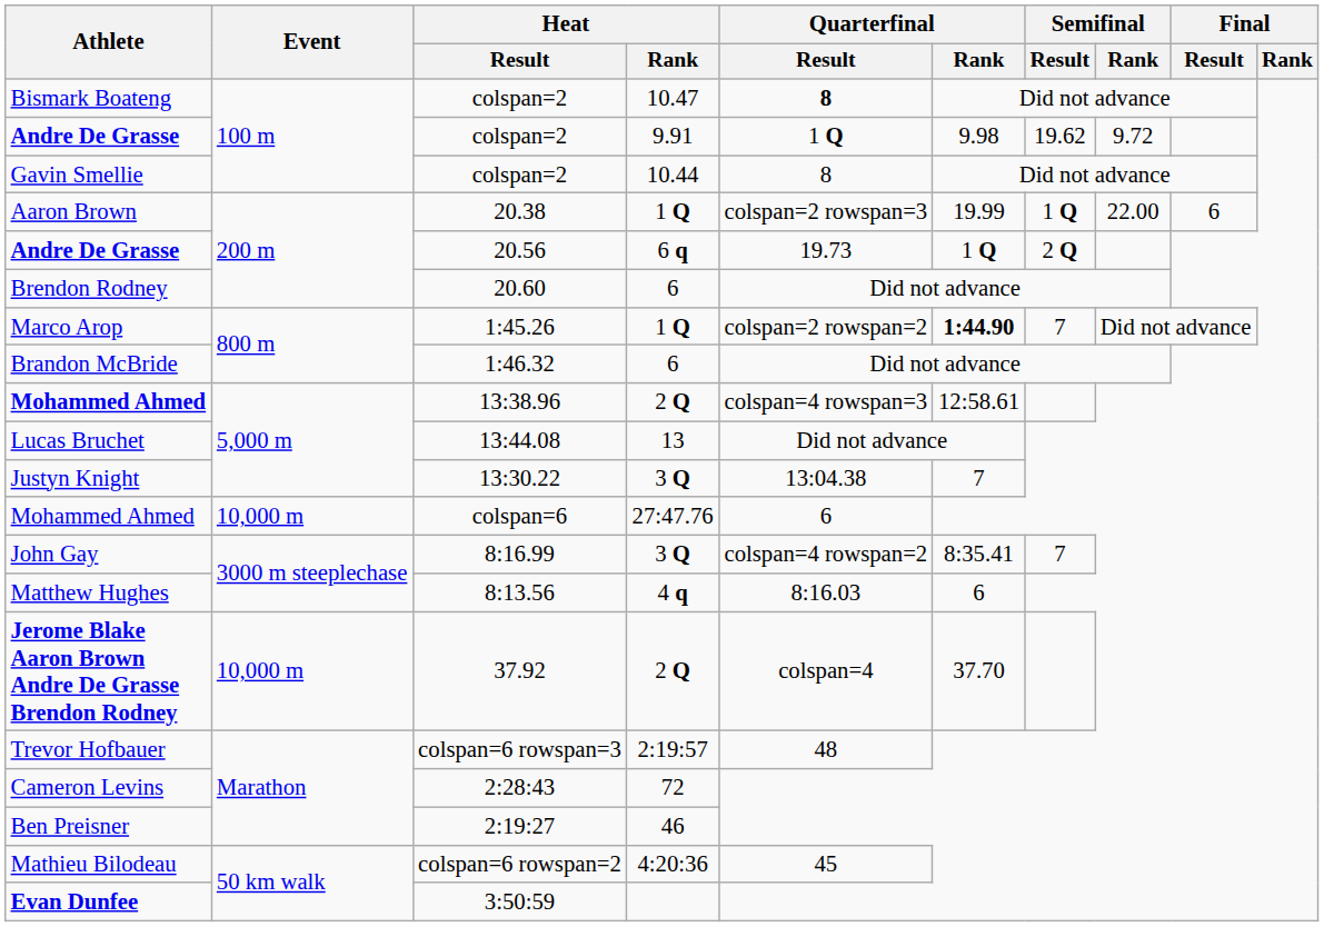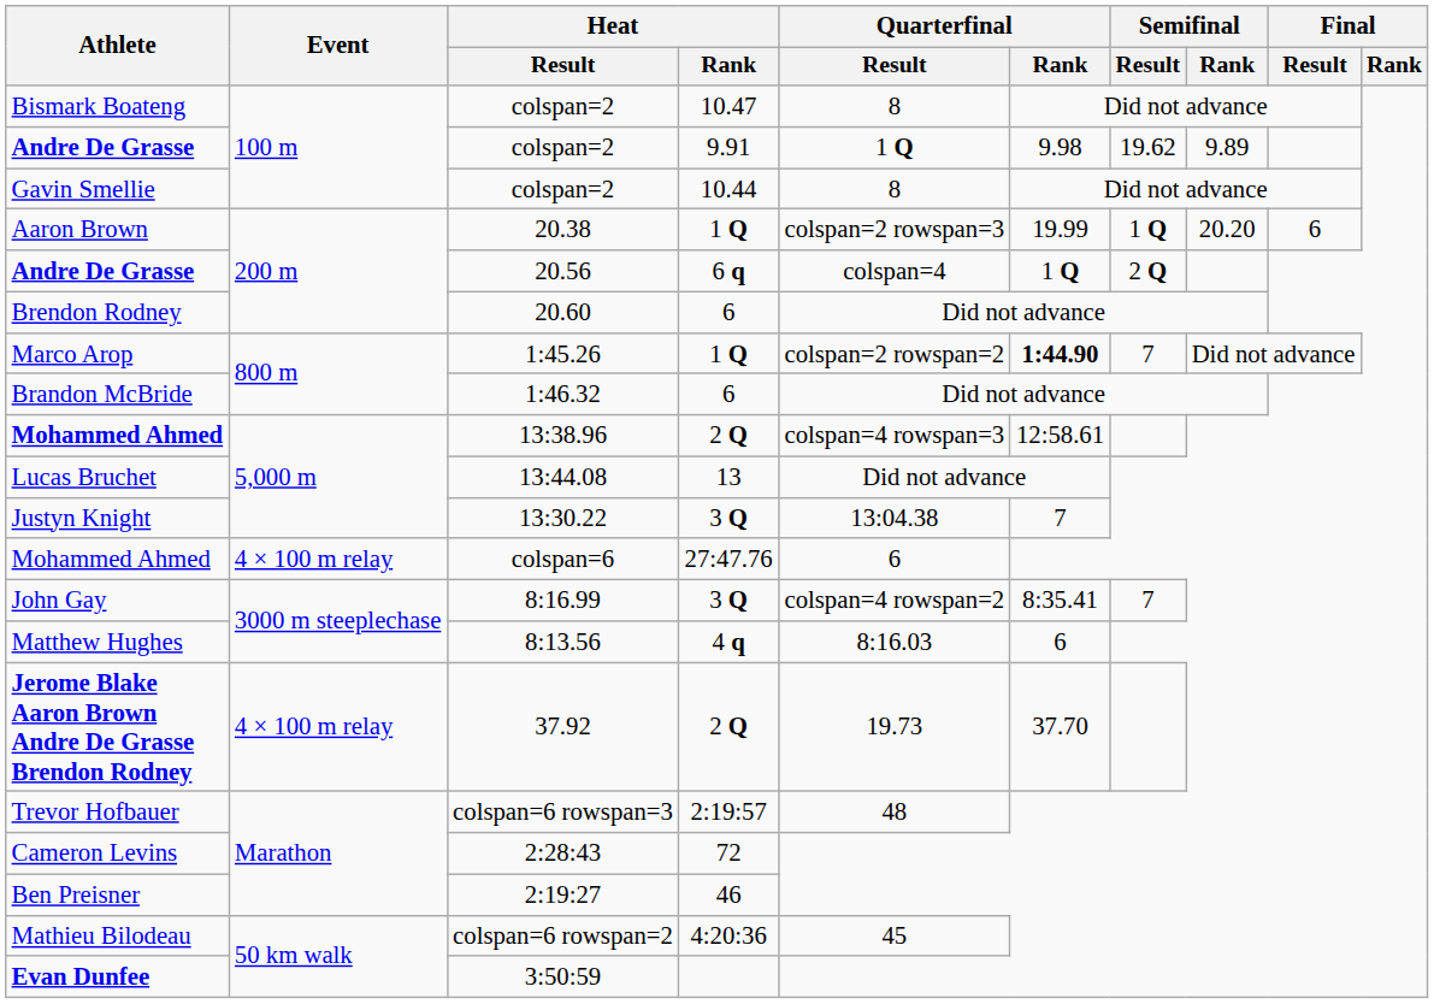 <table class=wikitable style=font-size:90%;text-align:center>
 <tr>
 <th rowspan=2>Athlete</th>
 <th rowspan=2>Event</th>
 <th colspan=2>Heat</th>
 <th colspan=2>Quarterfinal</th>
 <th colspan=2>Semifinal</th>
 <th colspan=2>Final</th>
 </tr>
 <tr style=font-size:95%>
 <th>Result</th>
 <th>Rank</th>
 <th>Result</th>
 <th>Rank</th>
 <th>Result</th>
 <th>Rank</th>
 <th>Result</th>
 <th>Rank</th>
 </tr>
 <tr>
 <td align=left><a href='#'>Bismark Boateng</a></td>
 <td align=left rowspan=3><a href='#'>100 m</a></td>
 <td>colspan=2 </td>
 <td>10.47</td>
-<td><strong>8</strong></td>
+<td>8</td>
 <td colspan="4">Did not advance</td>
 </tr>
 <tr>
 <td align=left><strong><a href='#'>Andre De Grasse</a></strong></td>
 <td>colspan=2 </td>
 <td>9.91</td>
 <td>1 <strong>Q</strong></td>
 <td>9.98</td>
 <td>19.62 <strong></strong></td>
-<td>9.72 <strong></strong></td>
+<td>9.89 <strong></strong></td>
 <td></td>
 </tr>
 <tr>
 <td align=left><a href='#'>Gavin Smellie</a></td>
 <td>colspan=2 </td>
 <td>10.44</td>
 <td>8</td>
 <td colspan="4">Did not advance</td>
 </tr>
 <tr>
 <td align=left><a href='#'>Aaron Brown</a></td>
 <td align=left rowspan=3><a href='#'>200 m</a></td>
 <td>20.38</td>
 <td>1 <strong>Q</strong></td>
 <td>colspan=2 rowspan=3 </td>
 <td>19.99</td>
 <td>1 <strong>Q</strong></td>
-<td>22.00</td>
+<td>20.20</td>
 <td>6</td>
 </tr>
 <tr>
 <td align=left><strong><a href='#'>Andre De Grasse</a></strong></td>
 <td>20.56</td>
 <td>6 <strong>q</strong></td>
-<td>19.73</td>
+<td>colspan=4 </td>
 <td>1 <strong>Q</strong></td>
 <td>2 <strong>Q</strong></td>
 <td></td>
 </tr>
 <tr>
 <td align=left><a href='#'>Brendon Rodney</a></td>
 <td>20.60</td>
 <td>6</td>
 <td colspan="4">Did not advance</td>
 </tr>
 <tr>
 <td align=left><a href='#'>Marco Arop</a></td>
 <td align=left rowspan=2><a href='#'>800 m</a></td>
 <td>1:45.26</td>
 <td>1 <strong>Q</strong></td>
 <td>colspan=2 rowspan=2 </td>
 <td><strong>1:44.90</strong></td>
 <td>7</td>
 <td colspan="2">Did not advance</td>
 </tr>
 <tr>
 <td align=left><a href='#'>Brandon McBride</a></td>
 <td>1:46.32</td>
 <td>6</td>
 <td colspan="4">Did not advance</td>
 </tr>
 <tr>
 <td align=left><strong><a href='#'>Mohammed Ahmed</a></strong></td>
 <td align=left rowspan=3><a href='#'>5,000 m</a></td>
 <td>13:38.96</td>
 <td>2 <strong>Q</strong></td>
 <td>colspan=4 rowspan=3 </td>
 <td>12:58.61</td>
 <td></td>
 </tr>
 <tr>
 <td align=left><a href='#'>Lucas Bruchet</a></td>
 <td>13:44.08</td>
 <td>13</td>
 <td colspan=2>Did not advance</td>
 </tr>
 <tr>
 <td align=left><a href='#'>Justyn Knight</a></td>
 <td>13:30.22</td>
 <td>3 <strong>Q</strong></td>
 <td>13:04.38</td>
 <td>7</td>
 </tr>
 <tr>
 <td align=left><a href='#'>Mohammed Ahmed</a></td>
-<td align=left><a href='#'>10,000 m</a></td>
+<td align=left><a href='#'>4 × 100 m relay</a></td>
 <td>colspan=6 </td>
 <td>27:47.76 <strong></strong></td>
 <td>6</td>
 </tr>
 <tr>
 <td align=left><a href='#'>John Gay</a></td>
 <td align=left rowspan=2><a href='#'>3000 m steeplechase</a></td>
 <td>8:16.99</td>
 <td>3 <strong>Q</strong></td>
 <td>colspan=4 rowspan=2 </td>
 <td>8:35.41</td>
 <td>7</td>
 </tr>
 <tr>
 <td align=left><a href='#'>Matthew Hughes</a></td>
 <td>8:13.56</td>
 <td>4 <strong>q</strong></td>
 <td>8:16.03</td>
 <td>6</td>
 </tr>
 <tr>
 <td align=left><strong><a href='#'>Jerome Blake</a><br><a href='#'>Aaron Brown</a><br><a href='#'>Andre De Grasse</a><br><a href='#'>Brendon Rodney</a></strong></td>
-<td align=left><a href='#'>10,000 m</a></td>
+<td align=left><a href='#'>4 × 100 m relay</a></td>
 <td>37.92</td>
 <td>2 <strong>Q</strong></td>
-<td>colspan=4 </td>
+<td>19.73</td>
 <td>37.70</td>
 <td></td>
 </tr>
 <tr>
 <td align=left><a href='#'>Trevor Hofbauer</a></td>
 <td align=left rowspan=3><a href='#'>Marathon</a></td>
 <td>colspan=6 rowspan=3 </td>
 <td>2:19:57 <strong></strong></td>
 <td>48</td>
 </tr>
 <tr>
 <td align=left><a href='#'>Cameron Levins</a></td>
 <td>2:28:43</td>
 <td>72</td>
 </tr>
 <tr>
 <td align=left><a href='#'>Ben Preisner</a></td>
 <td>2:19:27 <strong></strong></td>
 <td>46</td>
 </tr>
 <tr>
 <td align=left><a href='#'>Mathieu Bilodeau</a></td>
 <td align=left rowspan=2><a href='#'>50 km walk</a></td>
 <td>colspan=6 rowspan=2 </td>
 <td>4:20:36 <strong></strong></td>
 <td>45</td>
 </tr>
 <tr>
 <td align=left><strong><a href='#'>Evan Dunfee</a></strong></td>
 <td>3:50:59 <strong></strong></td>
 <td></td>
 </tr>
 </table>
